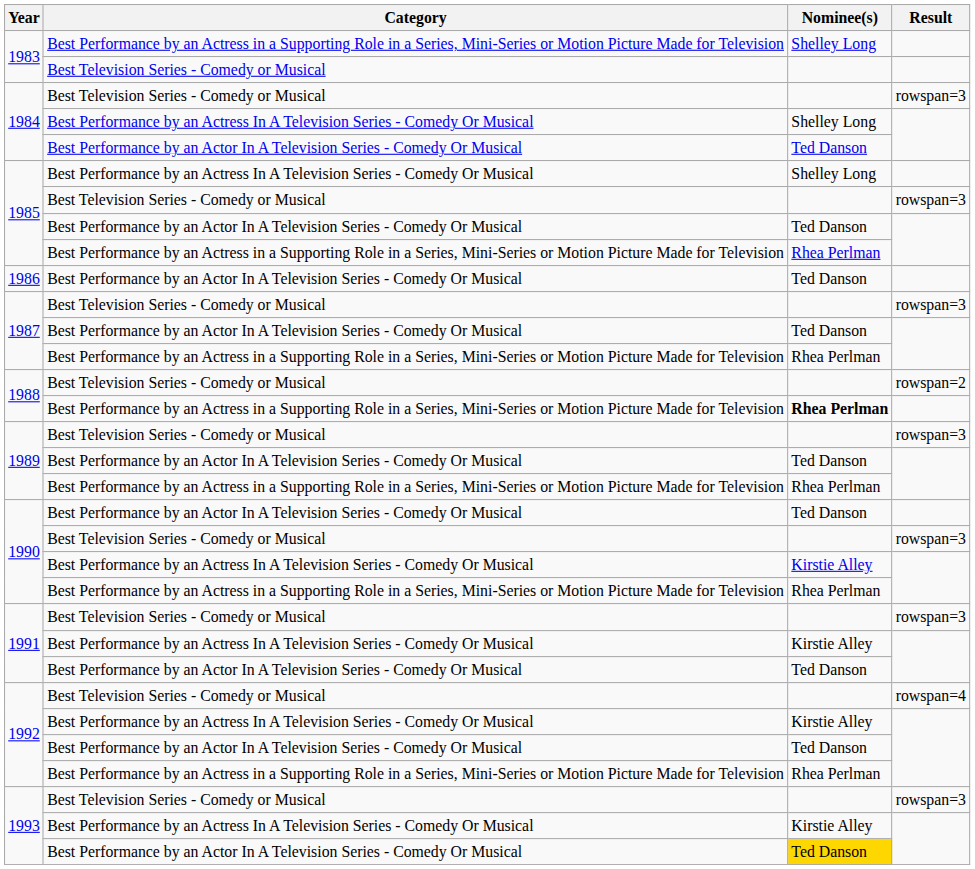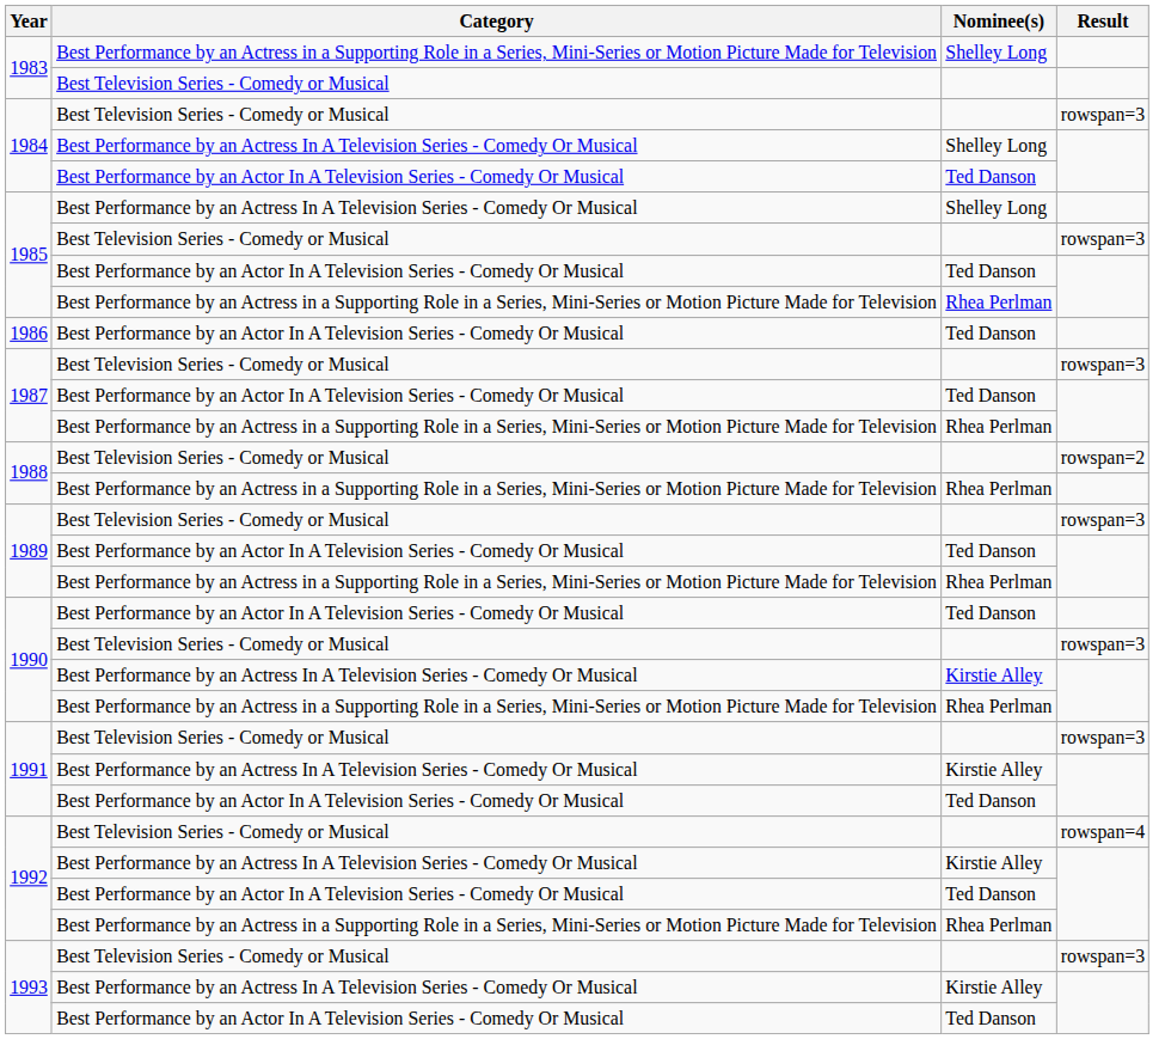 <table class="wikitable" style="font-size: 95%">
 <tr>
 <th>Year</th>
 <th>Category</th>
 <th>Nominee(s)</th>
 <th>Result</th>
 </tr>
 <tr>
 <td rowspan=2><a href='#'>1983</a></td>
 <td><a href='#'>Best Performance by an Actress in a Supporting Role in a Series, Mini-Series or Motion Picture Made for Television</a></td>
 <td><a href='#'>Shelley Long</a></td>
 <td></td>
 </tr>
 <tr>
 <td><a href='#'>Best Television Series - Comedy or Musical</a></td>
 <td></td>
 <td></td>
 </tr>
 <tr>
 <td rowspan=3><a href='#'>1984</a></td>
 <td>Best Television Series - Comedy or Musical</td>
 <td></td>
 <td>rowspan=3 </td>
 </tr>
 <tr>
 <td><a href='#'>Best Performance by an Actress In A Television Series - Comedy Or Musical</a></td>
 <td>Shelley Long</td>
 </tr>
 <tr>
 <td><a href='#'>Best Performance by an Actor In A Television Series - Comedy Or Musical</a></td>
 <td><a href='#'>Ted Danson</a></td>
 </tr>
 <tr>
 <td rowspan=4><a href='#'>1985</a></td>
 <td>Best Performance by an Actress In A Television Series - Comedy Or Musical</td>
 <td>Shelley Long</td>
 <td></td>
 </tr>
 <tr>
 <td>Best Television Series - Comedy or Musical</td>
 <td></td>
 <td>rowspan=3 </td>
 </tr>
 <tr>
 <td>Best Performance by an Actor In A Television Series - Comedy Or Musical</td>
 <td>Ted Danson</td>
 </tr>
 <tr>
 <td>Best Performance by an Actress in a Supporting Role in a Series, Mini-Series or Motion Picture Made for Television</td>
 <td><a href='#'>Rhea Perlman</a></td>
 </tr>
 <tr>
 <td><a href='#'>1986</a></td>
 <td>Best Performance by an Actor In A Television Series - Comedy Or Musical</td>
 <td>Ted Danson</td>
 <td></td>
 </tr>
 <tr>
 <td rowspan=3><a href='#'>1987</a></td>
 <td>Best Television Series - Comedy or Musical</td>
 <td></td>
 <td>rowspan=3 </td>
 </tr>
 <tr>
 <td>Best Performance by an Actor In A Television Series - Comedy Or Musical</td>
 <td>Ted Danson</td>
 </tr>
 <tr>
 <td>Best Performance by an Actress in a Supporting Role in a Series, Mini-Series or Motion Picture Made for Television</td>
 <td>Rhea Perlman</td>
 </tr>
 <tr>
 <td rowspan=2><a href='#'>1988</a></td>
 <td>Best Television Series - Comedy or Musical</td>
 <td></td>
 <td>rowspan=2 </td>
 </tr>
 <tr>
 <td>Best Performance by an Actress in a Supporting Role in a Series, Mini-Series or Motion Picture Made for Television</td>
-<td><strong>Rhea Perlman</strong></td>
+<td>Rhea Perlman</td>
 </tr>
 <tr>
 <td rowspan=3><a href='#'>1989</a></td>
 <td>Best Television Series - Comedy or Musical</td>
 <td></td>
 <td>rowspan=3 </td>
 </tr>
 <tr>
 <td>Best Performance by an Actor In A Television Series - Comedy Or Musical</td>
 <td>Ted Danson</td>
 </tr>
 <tr>
 <td>Best Performance by an Actress in a Supporting Role in a Series, Mini-Series or Motion Picture Made for Television</td>
 <td>Rhea Perlman</td>
 </tr>
 <tr>
 <td rowspan=4><a href='#'>1990</a></td>
 <td>Best Performance by an Actor In A Television Series - Comedy Or Musical</td>
 <td>Ted Danson</td>
 <td></td>
 </tr>
 <tr>
 <td>Best Television Series - Comedy or Musical</td>
 <td></td>
 <td>rowspan=3 </td>
 </tr>
 <tr>
 <td>Best Performance by an Actress In A Television Series - Comedy Or Musical</td>
 <td><a href='#'>Kirstie Alley</a></td>
 </tr>
 <tr>
 <td>Best Performance by an Actress in a Supporting Role in a Series, Mini-Series or Motion Picture Made for Television</td>
 <td>Rhea Perlman</td>
 </tr>
 <tr>
 <td rowspan=3><a href='#'>1991</a></td>
 <td>Best Television Series - Comedy or Musical</td>
 <td></td>
 <td>rowspan=3 </td>
 </tr>
 <tr>
 <td>Best Performance by an Actress In A Television Series - Comedy Or Musical</td>
 <td>Kirstie Alley</td>
 </tr>
 <tr>
 <td>Best Performance by an Actor In A Television Series - Comedy Or Musical</td>
 <td>Ted Danson</td>
 </tr>
 <tr>
 <td rowspan=4><a href='#'>1992</a></td>
 <td>Best Television Series - Comedy or Musical</td>
 <td></td>
 <td>rowspan=4 </td>
 </tr>
 <tr>
 <td>Best Performance by an Actress In A Television Series - Comedy Or Musical</td>
 <td>Kirstie Alley</td>
 </tr>
 <tr>
 <td>Best Performance by an Actor In A Television Series - Comedy Or Musical</td>
 <td>Ted Danson</td>
 </tr>
 <tr>
 <td>Best Performance by an Actress in a Supporting Role in a Series, Mini-Series or Motion Picture Made for Television</td>
 <td>Rhea Perlman</td>
 </tr>
 <tr>
 <td rowspan=3><a href='#'>1993</a></td>
 <td>Best Television Series - Comedy or Musical</td>
 <td></td>
 <td>rowspan=3 </td>
 </tr>
 <tr>
 <td>Best Performance by an Actress In A Television Series - Comedy Or Musical</td>
 <td>Kirstie Alley</td>
 </tr>
 <tr>
 <td>Best Performance by an Actor In A Television Series - Comedy Or Musical</td>
-<td style="background: gold;">Ted Danson</td>
+<td>Ted Danson</td>
 </tr>
 </table>
